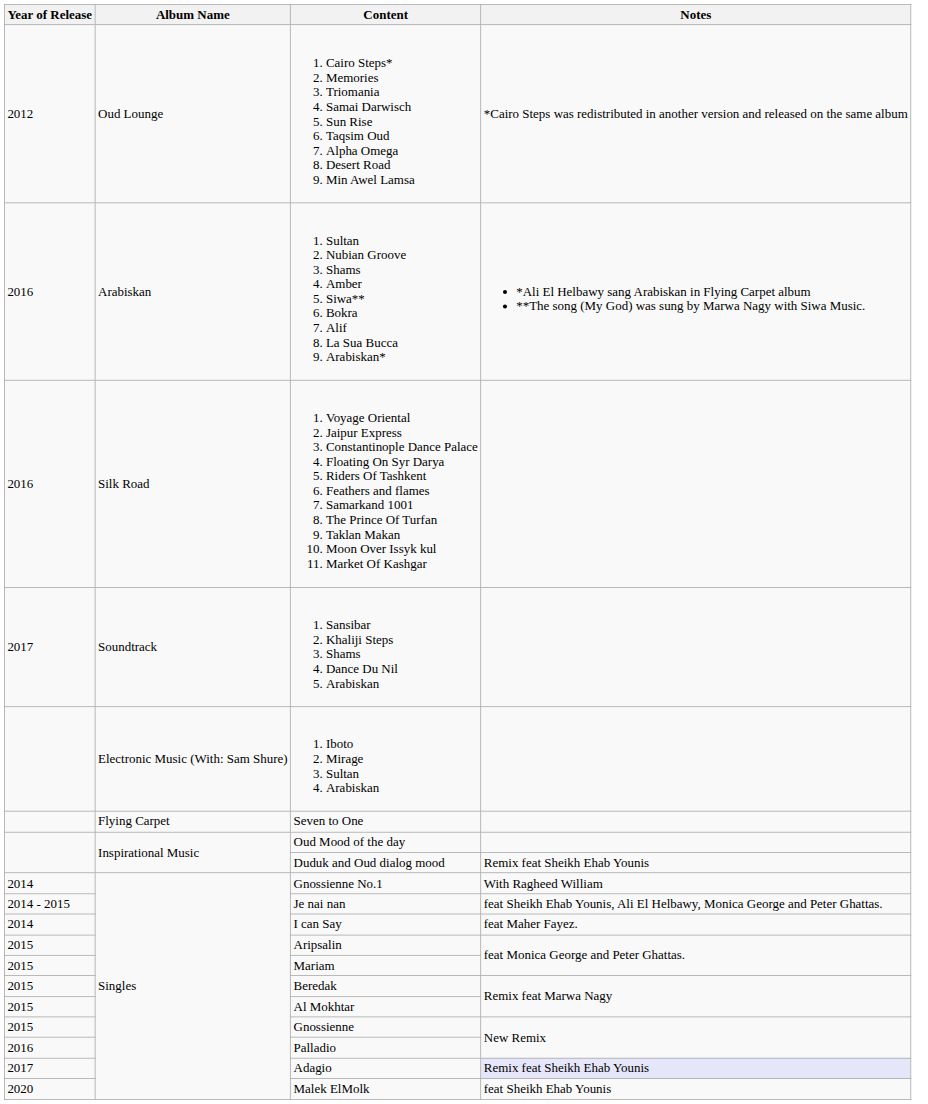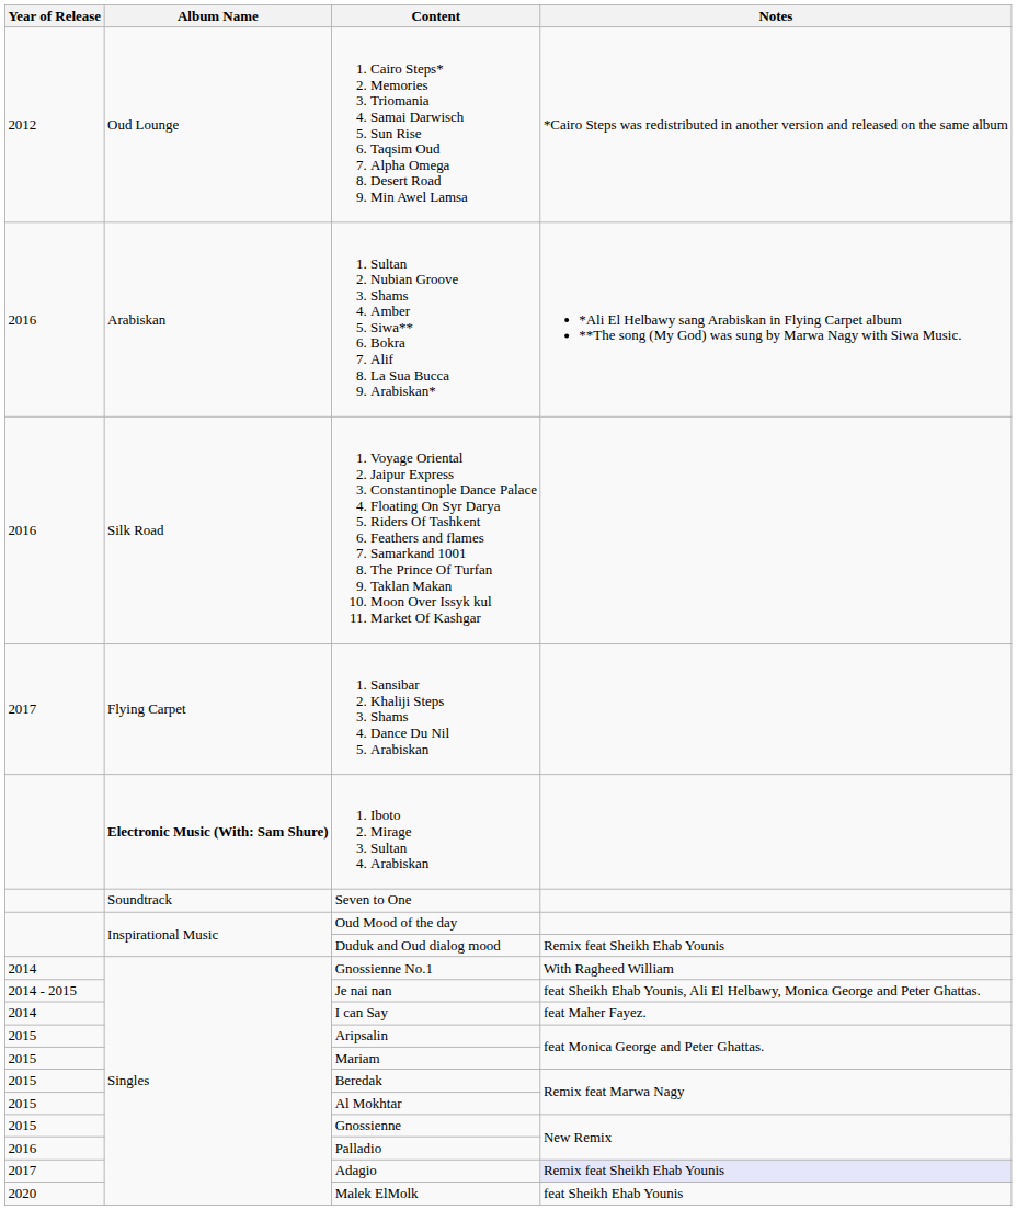 <table class="wikitable">
 <tr>
 <th>Year of Release</th>
 <th>Album Name</th>
 <th>Content</th>
 <th>Notes</th>
 </tr>
 <tr>
 <td>2012</td>
 <td>Oud Lounge</td>
 <td><br><ol><li>Cairo Steps*</li><li>Memories</li><li>Triomania</li><li>Samai Darwisch</li><li>Sun Rise</li><li>Taqsim Oud</li><li>Alpha Omega</li><li>Desert Road</li><li>Min Awel Lamsa</li></ol></td>
 <td>*Cairo Steps was redistributed in another version and released on the same album</td>
 </tr>
 <tr>
 <td>2016</td>
 <td>Arabiskan</td>
 <td><br><ol><li>Sultan</li><li>Nubian Groove</li><li>Shams</li><li>Amber</li><li>Siwa**</li><li>Bokra</li><li>Alif</li><li>La Sua Bucca</li><li>Arabiskan*</li></ol></td>
 <td><br><ul><li>*Ali El Helbawy sang Arabiskan in Flying Carpet album</li><li>**The song (My God) was sung by Marwa Nagy with Siwa Music.</li></ul></td>
 </tr>
 <tr>
 <td>2016</td>
 <td>Silk Road</td>
 <td><br><ol><li>Voyage Oriental</li><li>Jaipur Express</li><li>Constantinople Dance Palace</li><li>Floating On Syr Darya</li><li>Riders Of Tashkent</li><li>Feathers and flames</li><li>Samarkand 1001</li><li>The Prince Of Turfan</li><li>Taklan Makan</li><li>Moon Over Issyk kul</li><li>Market Of Kashgar</li></ol></td>
 <td></td>
 </tr>
 <tr>
 <td>2017</td>
-<td>Soundtrack</td>
+<td>Flying Carpet</td>
 <td><br><ol><li>Sansibar</li><li>Khaliji Steps</li><li>Shams</li><li>Dance Du Nil</li><li>Arabiskan</li></ol></td>
 <td></td>
 </tr>
 <tr>
 <td></td>
-<td>Electronic Music (With: Sam Shure)</td>
+<td><strong>Electronic Music (With: Sam Shure)</strong></td>
 <td><br><ol><li>Iboto</li><li>Mirage</li><li>Sultan</li><li>Arabiskan</li></ol></td>
 <td></td>
 </tr>
 <tr>
 <td></td>
-<td>Flying Carpet</td>
+<td>Soundtrack</td>
 <td>Seven to One</td>
 <td></td>
 </tr>
 <tr>
 <td rowspan="2"></td>
 <td rowspan="2">Inspirational Music</td>
 <td>Oud Mood of the day</td>
 <td></td>
 </tr>
 <tr>
 <td>Duduk and Oud dialog mood</td>
 <td>Remix feat Sheikh Ehab Younis</td>
 </tr>
 <tr>
 <td>2014</td>
 <td rowspan="11">Singles</td>
 <td>Gnossienne No.1</td>
 <td>With Ragheed William</td>
 </tr>
 <tr>
 <td>2014 - 2015</td>
 <td>Je nai nan</td>
 <td>feat Sheikh Ehab Younis, Ali El Helbawy, Monica George and Peter Ghattas.</td>
 </tr>
 <tr>
 <td>2014</td>
 <td>I can Say</td>
 <td>feat Maher Fayez.</td>
 </tr>
 <tr>
 <td>2015</td>
 <td>Aripsalin</td>
 <td rowspan="2">feat Monica George and Peter Ghattas.</td>
 </tr>
 <tr>
 <td>2015</td>
 <td>Mariam</td>
 </tr>
 <tr>
 <td>2015</td>
 <td>Beredak</td>
 <td rowspan="2">Remix feat Marwa Nagy</td>
 </tr>
 <tr>
 <td>2015</td>
 <td>Al Mokhtar</td>
 </tr>
 <tr>
 <td>2015</td>
 <td>Gnossienne</td>
 <td rowspan="2">New Remix</td>
 </tr>
 <tr>
 <td>2016</td>
 <td>Palladio</td>
 </tr>
 <tr>
 <td>2017</td>
 <td>Adagio</td>
 <td style="background: lavender;">Remix feat Sheikh Ehab Younis</td>
 </tr>
 <tr>
 <td>2020</td>
 <td>Malek ElMolk</td>
 <td>feat Sheikh Ehab Younis</td>
 </tr>
 </table>
